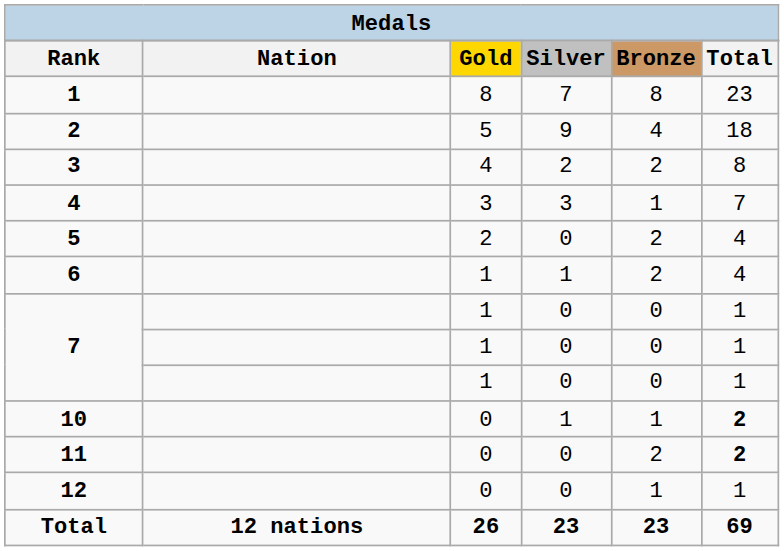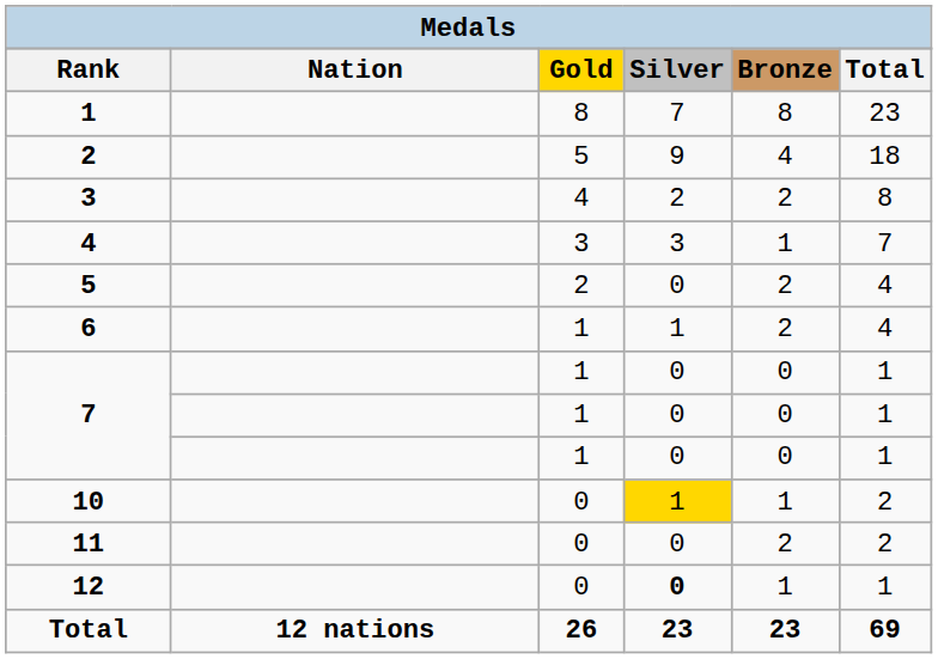 <table class="wikitable" style="text-align:center">
 <tr>
 <td colspan="6" style="background:#BCD4E6"><strong>Medals</strong></td>
 </tr>
 <tr>
 </tr>
 <tr style="background-color:#EDEDED;">
 <th width="75px" class="hintergrundfarbe5">Rank</th>
 <th width="175px" class="hintergrundfarbe6">Nation</th>
 <th style="background:    gold; width:35px ">Gold</th>
 <th style="background:  silver; width:35px ">Silver</th>
 <th style="background: #CC9966; width:35px ">Bronze</th>
 <th width="35px">Total</th>
 </tr>
 <tr>
 <td><strong>1</strong></td>
 <td align=left></td>
 <td>8</td>
 <td>7</td>
 <td>8</td>
 <td>23</td>
 </tr>
 <tr>
 <td><strong>2</strong></td>
 <td align=left></td>
 <td>5</td>
 <td>9</td>
 <td>4</td>
 <td>18</td>
 </tr>
 <tr>
 <td><strong>3</strong></td>
 <td align=left><em></em></td>
 <td>4</td>
 <td>2</td>
 <td>2</td>
 <td>8</td>
 </tr>
 <tr>
 <td><strong>4</strong></td>
 <td align=left></td>
 <td>3</td>
 <td>3</td>
 <td>1</td>
 <td>7</td>
 </tr>
 <tr>
 <td><strong>5</strong></td>
 <td align=left></td>
 <td>2</td>
 <td>0</td>
 <td>2</td>
 <td>4</td>
 </tr>
 <tr>
 <td><strong>6</strong></td>
 <td align=left></td>
 <td>1</td>
 <td>1</td>
 <td>2</td>
 <td>4</td>
 </tr>
 <tr>
 <td rowspan="3"><strong>7</strong></td>
 <td align=left><em></em></td>
 <td>1</td>
 <td>0</td>
 <td>0</td>
 <td>1</td>
 </tr>
 <tr>
 <td align=left></td>
 <td>1</td>
 <td>0</td>
 <td>0</td>
 <td>1</td>
 </tr>
 <tr>
 <td align=left></td>
 <td>1</td>
 <td>0</td>
 <td>0</td>
 <td>1</td>
 </tr>
 <tr>
 <td><strong>10</strong></td>
 <td align=left></td>
 <td>0</td>
+<td style="background: gold;">1</td>
 <td>1</td>
-<td>1</td>
-<td><strong>2</strong></td>
+<td>2</td>
 </tr>
 <tr>
 <td><strong>11</strong></td>
 <td align="left"></td>
 <td>0</td>
 <td>0</td>
 <td>2</td>
-<td><strong>2</strong></td>
+<td>2</td>
 </tr>
 <tr>
 <td><strong>12</strong></td>
 <td align="left"></td>
 <td>0</td>
-<td>0</td>
+<td><strong>0</strong></td>
 <td>1</td>
 <td>1</td>
 </tr>
 <tr>
 <td><strong>Total</strong></td>
 <td><strong>12 nations</strong></td>
 <td><strong>26</strong></td>
 <td><strong>23</strong></td>
 <td><strong>23</strong></td>
 <td><strong>69</strong></td>
 </tr>
 </table>
